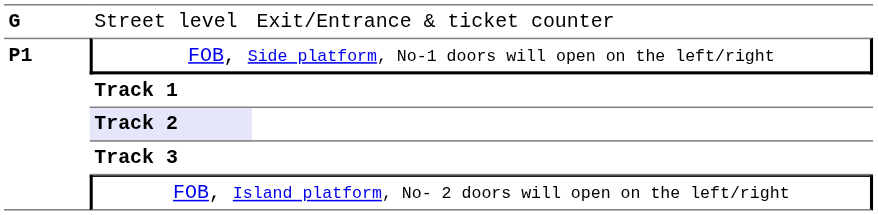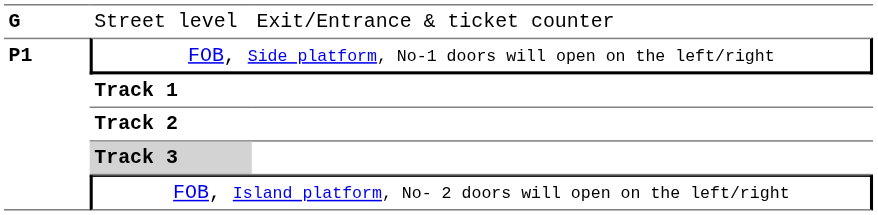 <table cellspacing="0" cellpadding="3" border="0">
 <tr>
 <td style="border-top:solid 1px gray;" width="50" valign="top"><strong>G</strong></td>
 <td style="border-top:solid 1px gray;" width="100" valign="top">Street level</td>
 <td style="border-top:solid 1px gray;" width="400" valign="top">Exit/Entrance & ticket counter</td>
 </tr>
 <tr>
 <td rowspan="6" style="border-top:solid 1px gray;border-bottom:solid 1px gray;" width="50" valign="top"><strong>P1</strong></td>
 <td colspan="2" style="border-top:solid 1px gray;border-right:solid 2px black;border-left:solid 2px black;border-bottom:solid 2px black;text-align:center;"><a href='#'>FOB</a>, <small><a href='#'>Side platform</a>, No-1 doors will open on the left/right</small></td>
 </tr>
 <tr>
 <td style="border-bottom:solid 1px gray;" width="100"><strong>Track 1</strong></td>
 <td style="border-bottom:solid 1px gray;" width="400"></td>
 </tr>
 <tr>
-<td style="background: lavender; border-bottom:solid 1px gray;" width="100"><strong>Track 2</strong></td>
+<td style="border-bottom:solid 1px gray;" width="100"><strong>Track 2</strong></td>
 <td style="border-bottom:solid 1px gray;" width="400"></td>
 </tr>
 <tr>
-<td style="border-bottom:solid 1px gray;" width="100"><strong>Track 3</strong></td>
+<td style="background: lightgrey; border-bottom:solid 1px gray;" width="100"><strong>Track 3</strong></td>
 <td style="border-bottom:solid 1px gray;" width="400"></td>
 </tr>
 <tr>
 <td colspan="2" style="border-top:solid 1px black;border-right:solid 2px black;border-left:solid 2px black;border-bottom:solid 1px gray;text-align:center;"><a href='#'>FOB</a>, <small><a href='#'>Island platform</a>, No- 2 doors will open on the left/right</small></td>
 </tr>
 <tr>
 </tr>
 </table>
